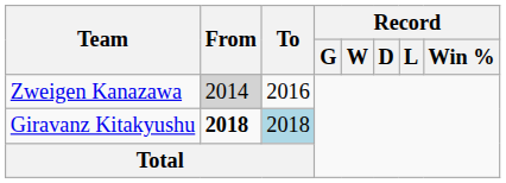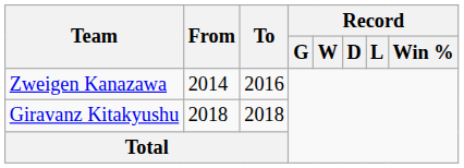 <table class="wikitable" style="text-align: center">
 <tr>
 <th rowspan="2">Team</th>
 <th rowspan="2">From</th>
 <th rowspan="2">To</th>
 <th colspan="5">Record</th>
 </tr>
 <tr>
 <th>G</th>
 <th>W</th>
 <th>D</th>
 <th>L</th>
 <th>Win %</th>
 </tr>
 <tr>
 <td align="left"><a href='#'>Zweigen Kanazawa</a></td>
-<td align="left" style="background: lightgrey;">2014</td>
+<td align="left">2014</td>
 <td align="left">2016<br></td>
 </tr>
 <tr>
 <td align="left"><a href='#'>Giravanz Kitakyushu</a></td>
-<td align="left"><strong>2018</strong></td>
-<td align="left" style="background: lightblue;">2018<br></td>
+<td align="left">2018</td>
+<td align="left">2018<br></td>
 </tr>
 <tr>
 <th colspan="3">Total<br></th>
 </tr>
 </table>
